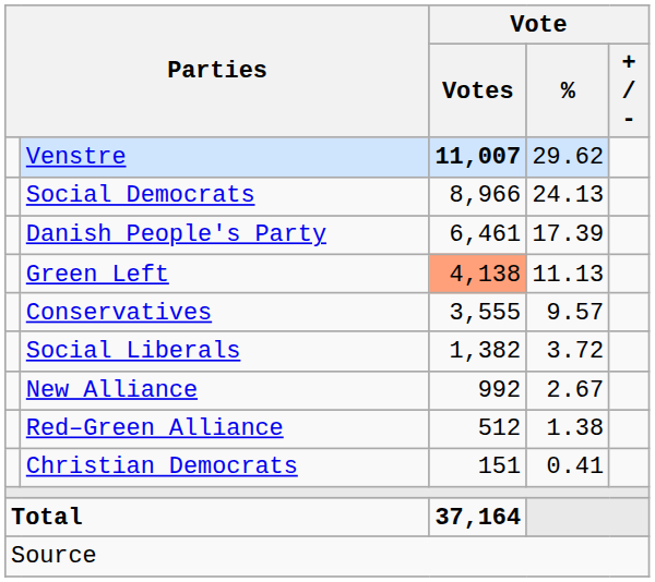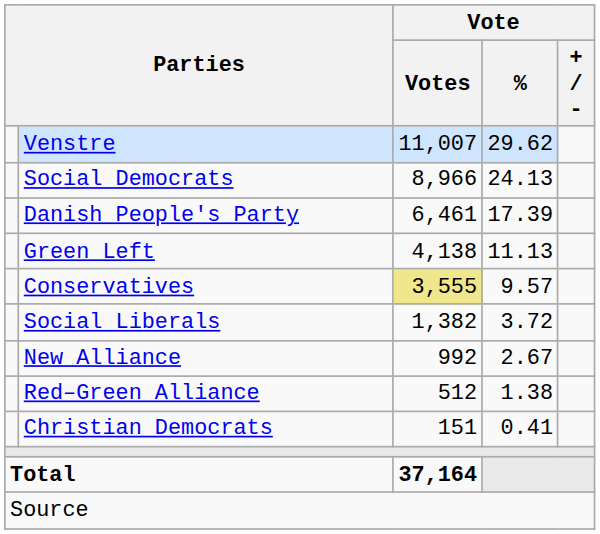 <table class="wikitable" style="text-align:right;">
 <tr>
 <th style="text-align:centre;" rowspan="2" colspan="2" width="225">Parties</th>
 <th colspan="3">Vote</th>
 </tr>
 <tr>
 <th width="15">Votes</th>
 <th width="15">%</th>
 <th width="15">+ / -</th>
 </tr>
 <tr>
 <td width="2" style="color:inherit;background:"></td>
 <td bgcolor=#cfe5fe  align="left"><a href='#'>Venstre</a></td>
-<td bgcolor=#cfe5fe><strong>11,007</strong></td>
+<td bgcolor=#cfe5fe>11,007</td>
 <td bgcolor=#cfe5fe>29.62</td>
 <td></td>
 </tr>
 <tr>
 <td width="2" style="color:inherit;background:"></td>
 <td align="left"><a href='#'>Social Democrats</a></td>
 <td>8,966</td>
 <td>24.13</td>
 <td></td>
 </tr>
 <tr>
 <td width="2" style="color:inherit;background:"></td>
 <td align="left"><a href='#'>Danish People's Party</a></td>
 <td>6,461</td>
 <td>17.39</td>
 <td></td>
 </tr>
 <tr>
 <td width="2" style="color:inherit;background:"></td>
 <td align="left"><a href='#'>Green Left</a></td>
-<td style="background: lightsalmon;">4,138</td>
+<td>4,138</td>
 <td>11.13</td>
 <td></td>
 </tr>
 <tr>
 <td width="2" style="color:inherit;background:"></td>
 <td align="left"><a href='#'>Conservatives</a></td>
-<td>3,555</td>
+<td style="background: khaki;">3,555</td>
 <td>9.57</td>
 <td></td>
 </tr>
 <tr>
 <td width="2" style="color:inherit;background:"></td>
 <td align="left"><a href='#'>Social Liberals</a></td>
 <td>1,382</td>
 <td>3.72</td>
 <td></td>
 </tr>
 <tr>
 <td width="2" style="color:inherit;background:"></td>
 <td align="left"><a href='#'>New Alliance</a></td>
 <td>992</td>
 <td>2.67</td>
 <td></td>
 </tr>
 <tr>
 <td width="2" style="color:inherit;background:"></td>
 <td align="left"><a href='#'>Red–Green Alliance</a></td>
 <td>512</td>
 <td>1.38</td>
 <td></td>
 </tr>
 <tr>
 <td width="2" style="color:inherit;background:"></td>
 <td align="left"><a href='#'>Christian Democrats</a></td>
 <td>151</td>
 <td>0.41</td>
 <td></td>
 </tr>
 <tr>
 <td colspan="7" bgcolor="#E9E9E9"></td>
 </tr>
 <tr>
 <td align="left" colspan="2"><strong>Total</strong></td>
 <td><strong>37,164</strong></td>
 <td bgcolor="#E9E9E9" colspan="2"></td>
 </tr>
 <tr>
 <td align="left" colspan="6">Source</td>
 </tr>
 </table>
